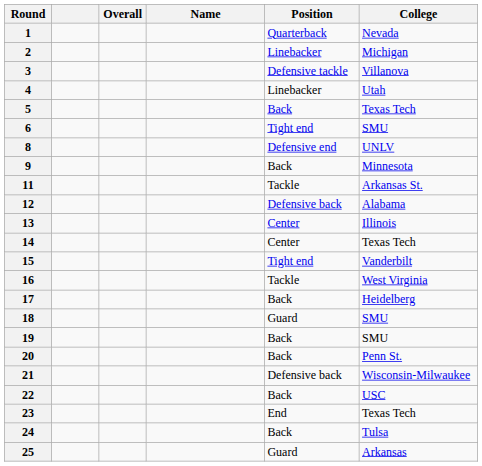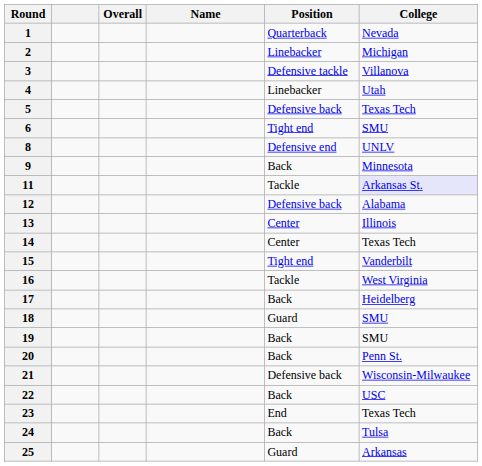 <table class="wikitable sortable" style="width: 50%;">
 <tr>
 <th scope="col" style="width: 10%;">Round</th>
 <th scope="col" style="width: 10%;"></th>
 <th scope="col" style="width: 10%;">Overall</th>
 <th scope="col" style="width: 25%;">Name</th>
 <th scope="col" style="width: 20%;">Position</th>
 <th scope="col" style="width: 25%;">College</th>
 </tr>
 <tr>
 <th scope="row">1</th>
 <td></td>
 <td></td>
 <td></td>
 <td><a href='#'>Quarterback</a></td>
 <td><a href='#'>Nevada</a></td>
 </tr>
 <tr>
 <th scope="row">2</th>
 <td></td>
 <td></td>
 <td></td>
 <td><a href='#'>Linebacker</a></td>
 <td><a href='#'>Michigan</a></td>
 </tr>
 <tr>
 <th scope="row">3</th>
 <td></td>
 <td></td>
 <td></td>
 <td><a href='#'>Defensive tackle</a></td>
 <td><a href='#'>Villanova</a></td>
 </tr>
 <tr>
 <th scope="row">4</th>
 <td></td>
 <td></td>
 <td></td>
 <td>Linebacker</td>
 <td><a href='#'>Utah</a></td>
 </tr>
 <tr>
 <th scope="row">5</th>
 <td></td>
 <td></td>
 <td></td>
-<td><a href='#'>Back</a></td>
+<td><a href='#'>Defensive back</a></td>
 <td><a href='#'>Texas Tech</a></td>
 </tr>
 <tr>
 <th scope="row">6</th>
 <td></td>
 <td></td>
 <td></td>
 <td><a href='#'>Tight end</a></td>
 <td><a href='#'>SMU</a></td>
 </tr>
 <tr>
 <th scope="row">8</th>
 <td></td>
 <td></td>
 <td></td>
 <td><a href='#'>Defensive end</a></td>
 <td><a href='#'>UNLV</a></td>
 </tr>
 <tr>
 <th scope="row">9</th>
 <td></td>
 <td></td>
 <td></td>
 <td>Back</td>
 <td><a href='#'>Minnesota</a></td>
 </tr>
 <tr>
 <th scope="row">11</th>
 <td></td>
 <td></td>
 <td></td>
 <td>Tackle</td>
-<td><a href='#'>Arkansas St.</a></td>
+<td style="background: lavender;"><a href='#'>Arkansas St.</a></td>
 </tr>
 <tr>
 <th scope="row">12</th>
 <td></td>
 <td></td>
 <td></td>
 <td><a href='#'>Defensive back</a></td>
 <td><a href='#'>Alabama</a></td>
 </tr>
 <tr>
 <th scope="row">13</th>
 <td></td>
 <td></td>
 <td></td>
 <td><a href='#'>Center</a></td>
 <td><a href='#'>Illinois</a></td>
 </tr>
 <tr>
 <th scope="row">14</th>
 <td></td>
 <td></td>
 <td></td>
 <td>Center</td>
 <td>Texas Tech</td>
 </tr>
 <tr>
 <th scope="row">15</th>
 <td></td>
 <td></td>
 <td></td>
 <td><a href='#'>Tight end</a></td>
 <td><a href='#'>Vanderbilt</a></td>
 </tr>
 <tr>
 <th scope="row">16</th>
 <td></td>
 <td></td>
 <td></td>
 <td>Tackle</td>
 <td><a href='#'>West Virginia</a></td>
 </tr>
 <tr>
 <th scope="row">17</th>
 <td></td>
 <td></td>
 <td></td>
 <td>Back</td>
 <td><a href='#'>Heidelberg</a></td>
 </tr>
 <tr>
 <th scope="row">18</th>
 <td></td>
 <td></td>
 <td></td>
 <td>Guard</td>
 <td><a href='#'>SMU</a></td>
 </tr>
 <tr>
 <th scope="row">19</th>
 <td></td>
 <td></td>
 <td></td>
 <td>Back</td>
 <td>SMU</td>
 </tr>
 <tr>
 <th scope="row">20</th>
 <td></td>
 <td></td>
 <td></td>
 <td>Back</td>
 <td><a href='#'>Penn St.</a></td>
 </tr>
 <tr>
 <th scope="row">21</th>
 <td></td>
 <td></td>
 <td></td>
 <td>Defensive back</td>
 <td><a href='#'>Wisconsin-Milwaukee</a></td>
 </tr>
 <tr>
 <th scope="row">22</th>
 <td></td>
 <td></td>
 <td></td>
 <td>Back</td>
 <td><a href='#'>USC</a></td>
 </tr>
 <tr>
 <th scope="row">23</th>
 <td></td>
 <td></td>
 <td></td>
 <td>End</td>
 <td>Texas Tech</td>
 </tr>
 <tr>
 <th scope="row">24</th>
 <td></td>
 <td></td>
 <td></td>
 <td>Back</td>
 <td><a href='#'>Tulsa</a></td>
 </tr>
 <tr>
 <th scope="row">25</th>
 <td></td>
 <td></td>
 <td></td>
 <td>Guard</td>
 <td><a href='#'>Arkansas</a></td>
 </tr>
 </table>
